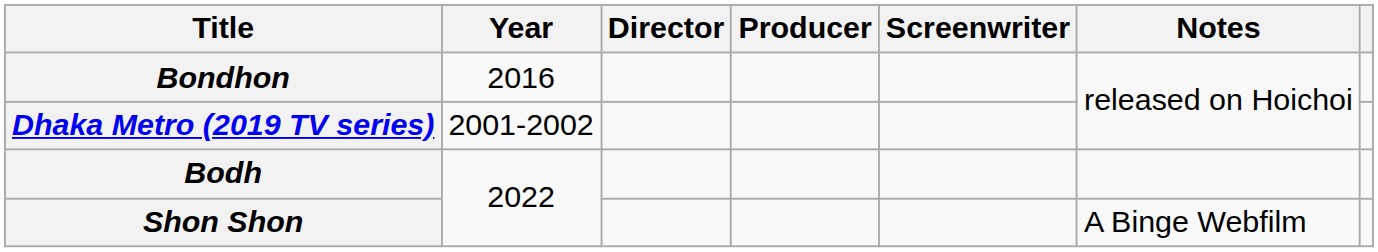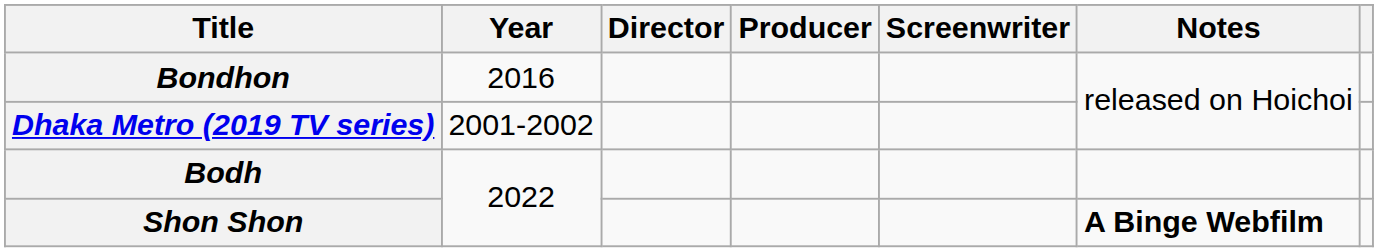 <table class="wikitable sortable plainrowheaders">
 <tr>
 <th scope="col">Title</th>
 <th scope="col">Year</th>
 <th>Director</th>
 <th>Producer</th>
 <th>Screenwriter</th>
 <th scope="col" class="unsortable">Notes</th>
 <th></th>
 </tr>
 <tr>
 <th scope="row"><em>Bondhon</em></th>
 <td style="text-align:center;">2016</td>
 <td></td>
 <td></td>
 <td></td>
 <td rowspan="2">released on Hoichoi</td>
 <td></td>
 </tr>
 <tr>
 <th scope="row"><em><a href='#'>Dhaka Metro (2019 TV series)</a></em></th>
 <td style="text-align:center;">2001-2002</td>
 <td></td>
 <td></td>
 <td></td>
 <td></td>
 </tr>
 <tr>
 <th scope="row"><em>Bodh</em></th>
 <td rowspan="2" style="text-align:center;">2022</td>
 <td></td>
 <td></td>
 <td></td>
 <td></td>
 <td></td>
 </tr>
 <tr>
 <th scope="row"><em>Shon Shon</em></th>
 <td></td>
 <td></td>
 <td></td>
-<td>A Binge Webfilm</td>
+<td><strong>A Binge Webfilm</strong></td>
 <td></td>
 </tr>
 </table>
